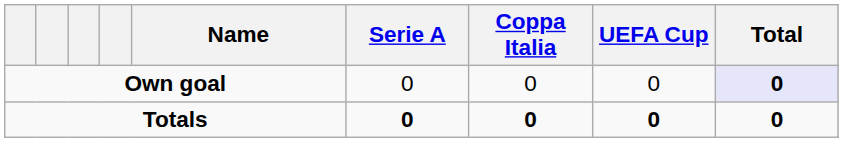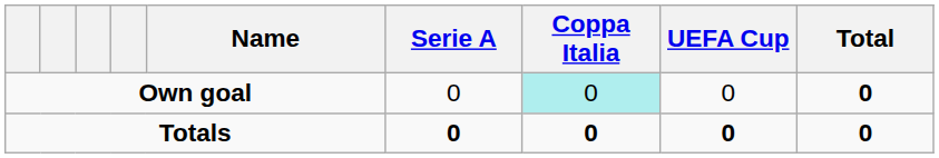 <table class="wikitable" style="text-align:center">
 <tr>
 <th width=15></th>
 <th width=15></th>
 <th width=15></th>
 <th width=15></th>
 <th width=145>Name</th>
 <th width=80><a href='#'>Serie A</a></th>
 <th width=80><a href='#'>Coppa Italia</a></th>
 <th width=80><a href='#'>UEFA Cup</a></th>
 <th width=80>Total</th>
 </tr>
 <tr>
 <td colspan=5><strong>Own goal</strong></td>
 <td>0</td>
+<td style="background: paleturquoise;">0</td>
 <td>0</td>
-<td>0</td>
-<td style="background: lavender;"><strong>0</strong></td>
+<td><strong>0</strong></td>
 </tr>
 <tr>
 <td colspan=5><strong>Totals</strong></td>
 <td><strong>0</strong></td>
 <td><strong>0</strong></td>
 <td><strong>0</strong></td>
 <td><strong>0</strong></td>
 </tr>
 </table>
